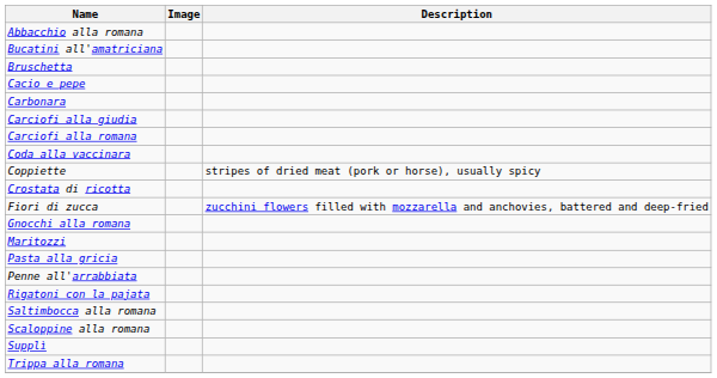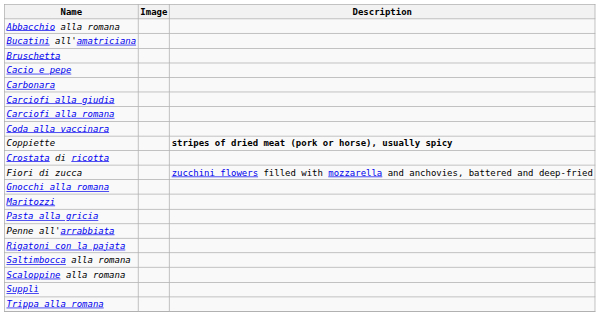 <table class="wikitable">
 <tr>
 <th>Name</th>
 <th>Image</th>
 <th>Description</th>
 </tr>
 <tr>
 <td><em><a href='#'>Abbacchio</a> alla romana</em></td>
 <td></td>
 <td></td>
 </tr>
 <tr>
 <td><em><a href='#'>Bucatini</a> all'<a href='#'>amatriciana</a></em></td>
 <td></td>
 <td></td>
 </tr>
 <tr>
 <td><em><a href='#'>Bruschetta</a></em></td>
 <td></td>
 <td></td>
 </tr>
 <tr>
 <td><em><a href='#'>Cacio e pepe</a></em></td>
 <td></td>
 <td></td>
 </tr>
 <tr>
 <td><em><a href='#'>Carbonara</a></em></td>
 <td></td>
 <td></td>
 </tr>
 <tr>
 <td><em><a href='#'>Carciofi alla giudia</a></em></td>
 <td></td>
 <td></td>
 </tr>
 <tr>
 <td><em><a href='#'>Carciofi alla romana</a></em></td>
 <td></td>
 <td></td>
 </tr>
 <tr>
 <td><em><a href='#'>Coda alla vaccinara</a></em></td>
 <td></td>
 <td></td>
 </tr>
 <tr>
 <td><em>Coppiette</em></td>
 <td></td>
-<td>stripes of dried meat (pork or horse), usually spicy</td>
+<td><strong>stripes of dried meat (pork or horse), usually spicy</strong></td>
 </tr>
 <tr>
 <td><em><a href='#'>Crostata</a> di <a href='#'>ricotta</a></em></td>
 <td></td>
 <td></td>
 </tr>
 <tr>
 <td><em>Fiori di zucca</em></td>
 <td></td>
 <td><a href='#'>zucchini flowers</a> filled with <a href='#'>mozzarella</a> and anchovies, battered and deep-fried</td>
 </tr>
 <tr>
 <td><em><a href='#'>Gnocchi alla romana</a></em></td>
 <td></td>
 <td></td>
 </tr>
 <tr>
 <td><em><a href='#'>Maritozzi</a></em></td>
 <td></td>
 <td></td>
 </tr>
 <tr>
 <td><em><a href='#'>Pasta alla gricia</a></em></td>
 <td></td>
 <td></td>
 </tr>
 <tr>
 <td><em>Penne all'<a href='#'>arrabbiata</a></em></td>
 <td></td>
 <td></td>
 </tr>
 <tr>
 <td><em><a href='#'>Rigatoni con la pajata</a></em></td>
 <td></td>
 <td></td>
 </tr>
 <tr>
 <td><em><a href='#'>Saltimbocca</a> alla romana</em></td>
 <td></td>
 <td></td>
 </tr>
 <tr>
 <td><em><a href='#'>Scaloppine</a> alla romana</em></td>
 <td></td>
 <td></td>
 </tr>
 <tr>
 <td><em><a href='#'>Supplì</a></em></td>
 <td></td>
 <td></td>
 </tr>
 <tr>
 <td><em><a href='#'>Trippa alla romana</a></em></td>
 <td></td>
 <td></td>
 </tr>
 <tr>
 </tr>
 </table>
